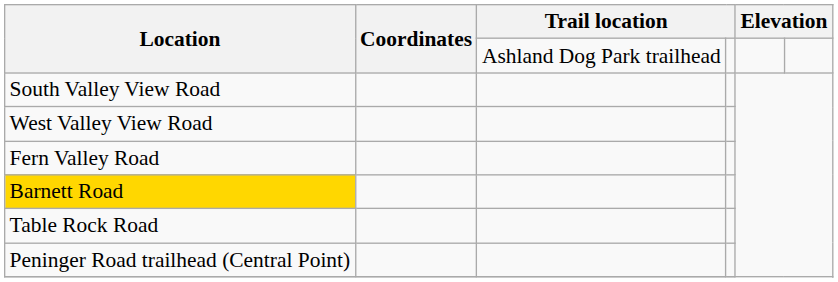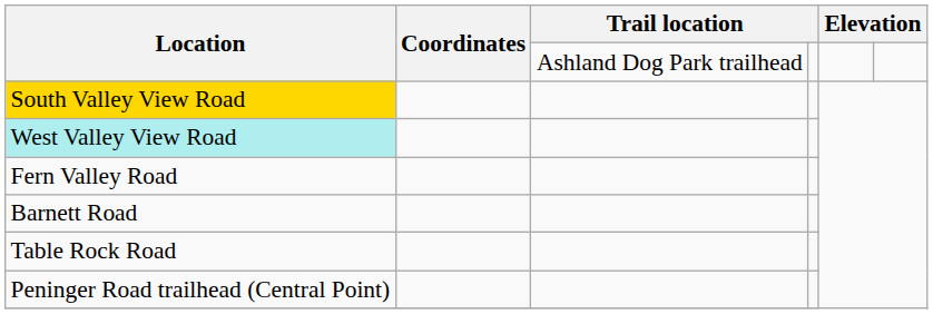 <table class="wikitable sortable">
 <tr>
 <th rowspan=2>Location</th>
 <th rowspan=2>Coordinates</th>
 <th colspan=2>Trail location</th>
 <th colspan=2>Elevation</th>
 </tr>
 <tr>
 <td>Ashland Dog Park trailhead</td>
 <td></td>
 <td></td>
 <td></td>
 </tr>
 <tr>
-<td>South Valley View Road</td>
+<td style="background: gold;">South Valley View Road</td>
 <td></td>
 <td></td>
 <td></td>
 </tr>
 <tr>
-<td>West Valley View Road</td>
+<td style="background: paleturquoise;">West Valley View Road</td>
 <td></td>
 <td></td>
 <td></td>
 </tr>
 <tr>
 <td>Fern Valley Road</td>
 <td></td>
 <td></td>
 <td></td>
 </tr>
 <tr>
-<td style="background: gold;">Barnett Road</td>
+<td>Barnett Road</td>
 <td></td>
 <td></td>
 <td></td>
 </tr>
 <tr>
 <td>Table Rock Road</td>
 <td></td>
 <td></td>
 <td></td>
 </tr>
 <tr>
 <td>Peninger Road trailhead (Central Point)</td>
 <td></td>
 <td></td>
 <td></td>
 </tr>
 <tr>
 </tr>
 </table>
